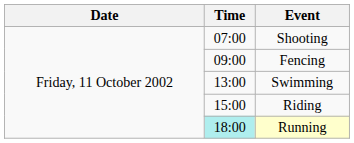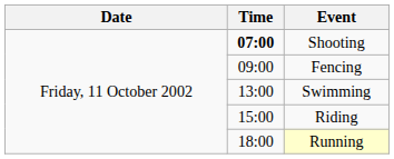 <table class = "wikitable" style="text-align:center;">
 <tr>
 <th width=220>Date</th>
 <th width=50>Time</th>
 <th width=100>Event</th>
 </tr>
 <tr>
 <td rowspan=5>Friday, 11 October 2002</td>
-<td>07:00</td>
+<td><strong>07:00</strong></td>
 <td>Shooting</td>
 </tr>
 <tr>
 <td>09:00</td>
 <td>Fencing</td>
 </tr>
 <tr>
 <td>13:00</td>
 <td>Swimming</td>
 </tr>
 <tr>
 <td>15:00</td>
 <td>Riding</td>
 </tr>
 <tr>
-<td style="background: paleturquoise;">18:00</td>
+<td>18:00</td>
 <td bgcolor=ffffcc>Running</td>
 </tr>
 </table>
